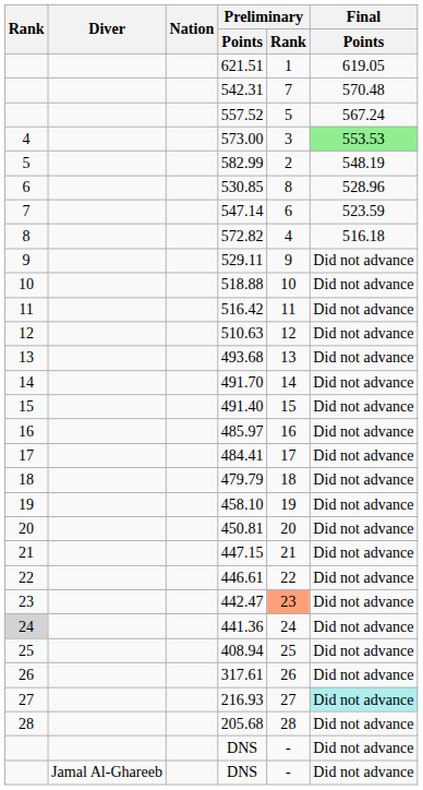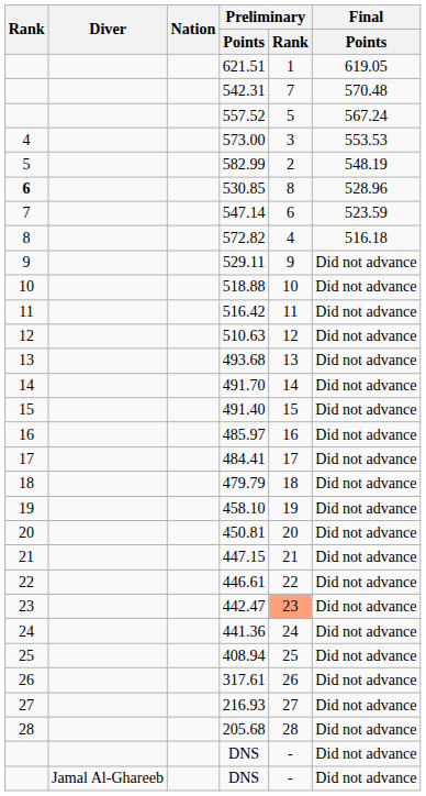 <table class="wikitable sortable" style="text-align:center;">
 <tr>
 <th rowspan=2>Rank</th>
 <th rowspan=2>Diver</th>
 <th rowspan=2>Nation</th>
 <th colspan=2>Preliminary</th>
 <th>Final</th>
 </tr>
 <tr>
 <th>Points</th>
 <th>Rank</th>
 <th>Points</th>
 </tr>
 <tr>
 <td></td>
 <td align=left></td>
 <td align=left></td>
 <td>621.51</td>
 <td>1</td>
 <td>619.05</td>
 </tr>
 <tr>
 <td></td>
 <td align=left></td>
 <td align=left></td>
 <td>542.31</td>
 <td>7</td>
 <td>570.48</td>
 </tr>
 <tr>
 <td></td>
 <td align=left></td>
 <td align=left></td>
 <td>557.52</td>
 <td>5</td>
 <td>567.24</td>
 </tr>
 <tr>
 <td>4</td>
 <td align=left></td>
 <td align=left></td>
 <td>573.00</td>
 <td>3</td>
-<td style="background: lightgreen;">553.53</td>
+<td>553.53</td>
 </tr>
 <tr>
 <td>5</td>
 <td align=left></td>
 <td align=left></td>
 <td>582.99</td>
 <td>2</td>
 <td>548.19</td>
 </tr>
 <tr>
-<td>6</td>
+<td><strong>6</strong></td>
 <td align=left></td>
 <td align=left></td>
 <td>530.85</td>
 <td>8</td>
 <td>528.96</td>
 </tr>
 <tr>
 <td>7</td>
 <td align=left></td>
 <td align=left></td>
 <td>547.14</td>
 <td>6</td>
 <td>523.59</td>
 </tr>
 <tr>
 <td>8</td>
 <td align=left></td>
 <td align=left></td>
 <td>572.82</td>
 <td>4</td>
 <td>516.18</td>
 </tr>
 <tr>
 <td>9</td>
 <td align=left></td>
 <td align=left></td>
 <td>529.11</td>
 <td>9</td>
 <td>Did not advance</td>
 </tr>
 <tr>
 <td>10</td>
 <td align=left></td>
 <td align=left></td>
 <td>518.88</td>
 <td>10</td>
 <td>Did not advance</td>
 </tr>
 <tr>
 <td>11</td>
 <td align=left></td>
 <td align=left></td>
 <td>516.42</td>
 <td>11</td>
 <td>Did not advance</td>
 </tr>
 <tr>
 <td>12</td>
 <td align=left></td>
 <td align=left></td>
 <td>510.63</td>
 <td>12</td>
 <td>Did not advance</td>
 </tr>
 <tr>
 <td>13</td>
 <td align=left></td>
 <td align=left></td>
 <td>493.68</td>
 <td>13</td>
 <td>Did not advance</td>
 </tr>
 <tr>
 <td>14</td>
 <td align=left></td>
 <td align=left></td>
 <td>491.70</td>
 <td>14</td>
 <td>Did not advance</td>
 </tr>
 <tr>
 <td>15</td>
 <td align=left></td>
 <td align=left></td>
 <td>491.40</td>
 <td>15</td>
 <td>Did not advance</td>
 </tr>
 <tr>
 <td>16</td>
 <td align=left></td>
 <td align=left></td>
 <td>485.97</td>
 <td>16</td>
 <td>Did not advance</td>
 </tr>
 <tr>
 <td>17</td>
 <td align=left></td>
 <td align=left></td>
 <td>484.41</td>
 <td>17</td>
 <td>Did not advance</td>
 </tr>
 <tr>
 <td>18</td>
 <td align=left></td>
 <td align=left></td>
 <td>479.79</td>
 <td>18</td>
 <td>Did not advance</td>
 </tr>
 <tr>
 <td>19</td>
 <td align=left></td>
 <td align=left></td>
 <td>458.10</td>
 <td>19</td>
 <td>Did not advance</td>
 </tr>
 <tr>
 <td>20</td>
 <td align=left></td>
 <td align=left></td>
 <td>450.81</td>
 <td>20</td>
 <td>Did not advance</td>
 </tr>
 <tr>
 <td>21</td>
 <td align=left></td>
 <td align=left></td>
 <td>447.15</td>
 <td>21</td>
 <td>Did not advance</td>
 </tr>
 <tr>
 <td>22</td>
 <td align=left></td>
 <td align=left></td>
 <td>446.61</td>
 <td>22</td>
 <td>Did not advance</td>
 </tr>
 <tr>
 <td>23</td>
 <td align=left></td>
 <td align=left></td>
 <td>442.47</td>
 <td style="background: lightsalmon;">23</td>
 <td>Did not advance</td>
 </tr>
 <tr>
-<td style="background: lightgrey;">24</td>
+<td>24</td>
 <td align=left></td>
 <td align=left></td>
 <td>441.36</td>
 <td>24</td>
 <td>Did not advance</td>
 </tr>
 <tr>
 <td>25</td>
 <td align=left></td>
 <td align=left></td>
 <td>408.94</td>
 <td>25</td>
 <td>Did not advance</td>
 </tr>
 <tr>
 <td>26</td>
 <td align=left></td>
 <td align=left></td>
 <td>317.61</td>
 <td>26</td>
 <td>Did not advance</td>
 </tr>
 <tr>
 <td>27</td>
 <td align=left></td>
 <td align=left></td>
 <td>216.93</td>
 <td>27</td>
-<td style="background: paleturquoise;">Did not advance</td>
+<td>Did not advance</td>
 </tr>
 <tr>
 <td>28</td>
 <td align=left></td>
 <td align=left></td>
 <td>205.68</td>
 <td>28</td>
 <td>Did not advance</td>
 </tr>
 <tr>
 <td></td>
 <td align=left></td>
 <td align=left></td>
 <td>DNS</td>
 <td>-</td>
 <td>Did not advance</td>
 </tr>
 <tr>
 <td></td>
 <td align=left>Jamal Al-Ghareeb</td>
 <td align=left></td>
 <td>DNS</td>
 <td>-</td>
 <td>Did not advance</td>
 </tr>
 </table>
